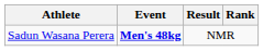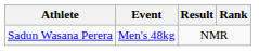 <table class=wikitable style="font-size:90%">
 <tr>
 <th>Athlete</th>
 <th>Event</th>
 <th>Result</th>
 <th>Rank</th>
 </tr>
 <tr>
 <td><a href='#'>Sadun Wasana Perera</a></td>
-<td><strong><a href='#'>Men's 48kg</a></strong></td>
+<td><a href='#'>Men's 48kg</a></td>
 <td style="text-align:center;" colspan="2">NMR</td>
 </tr>
 </table>
